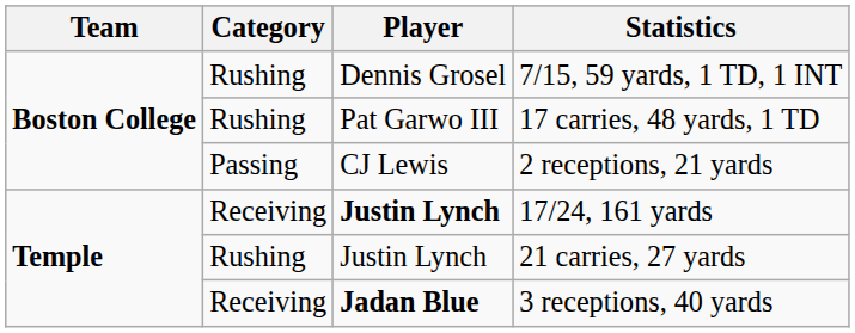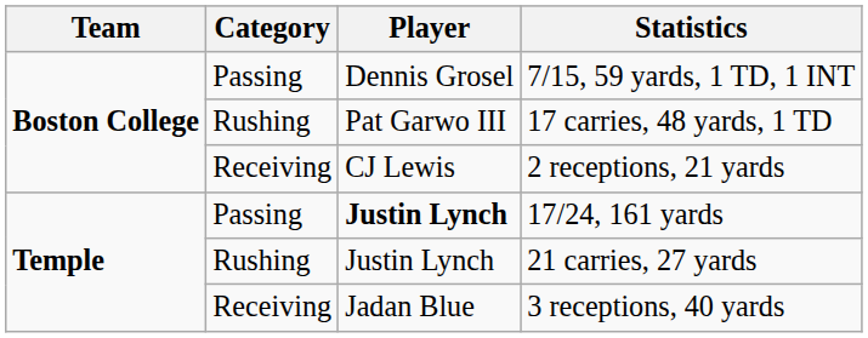 <table class="wikitable" style="float: left;">
 <tr>
 <th>Team</th>
 <th>Category</th>
 <th>Player</th>
 <th>Statistics</th>
 </tr>
 <tr>
 <td rowspan=3><strong>Boston College</strong></td>
-<td>Rushing</td>
+<td>Passing</td>
 <td>Dennis Grosel</td>
 <td>7/15, 59 yards, 1 TD, 1 INT</td>
 </tr>
 <tr>
 <td>Rushing</td>
 <td>Pat Garwo III</td>
 <td>17 carries, 48 yards, 1 TD</td>
 </tr>
 <tr>
-<td>Passing</td>
+<td>Receiving</td>
 <td>CJ Lewis</td>
 <td>2 receptions, 21 yards</td>
 </tr>
 <tr>
 <td rowspan=3><strong>Temple</strong></td>
-<td>Receiving</td>
+<td>Passing</td>
 <td><strong>Justin Lynch</strong></td>
 <td>17/24, 161 yards</td>
 </tr>
 <tr>
 <td>Rushing</td>
 <td>Justin Lynch</td>
 <td>21 carries, 27 yards</td>
 </tr>
 <tr>
 <td>Receiving</td>
-<td><strong>Jadan Blue</strong></td>
+<td>Jadan Blue</td>
 <td>3 receptions, 40 yards</td>
 </tr>
 </table>
